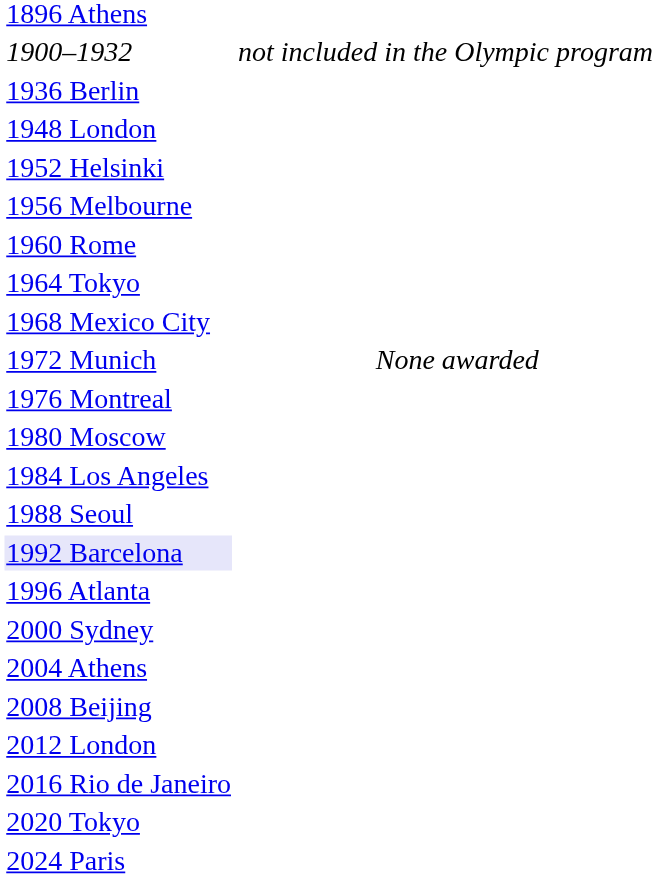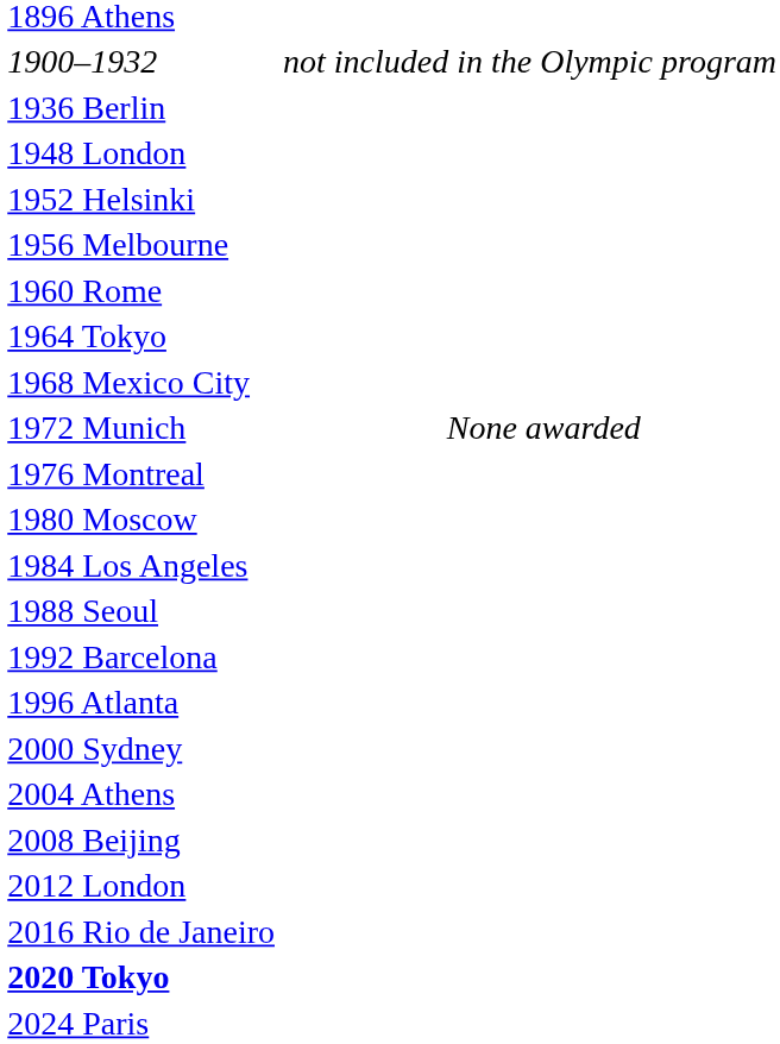 <table>
 <tr>
 <td><a href='#'>1896 Athens</a><br></td>
 <td></td>
 <td></td>
 <td></td>
 </tr>
 <tr>
 <td><em>1900–1932</em></td>
 <td colspan=3 align=center><em>not included in the Olympic program</em></td>
 </tr>
 <tr>
 <td><a href='#'>1936 Berlin</a><br></td>
 <td></td>
 <td></td>
 <td></td>
 </tr>
 <tr>
 <td><a href='#'>1948 London</a><br></td>
 <td></td>
 <td></td>
 <td></td>
 </tr>
 <tr>
 <td><a href='#'>1952 Helsinki</a><br></td>
 <td></td>
 <td></td>
 <td></td>
 </tr>
 <tr>
 <td><a href='#'>1956 Melbourne</a><br></td>
 <td></td>
 <td></td>
 <td></td>
 </tr>
 <tr>
 <td><a href='#'>1960 Rome</a><br></td>
 <td></td>
 <td></td>
 <td></td>
 </tr>
 <tr>
 <td><a href='#'>1964 Tokyo</a><br></td>
 <td></td>
 <td></td>
 <td></td>
 </tr>
 <tr>
 <td><a href='#'>1968 Mexico City</a><br></td>
 <td></td>
 <td></td>
 <td></td>
 </tr>
 <tr>
 <td><a href='#'>1972 Munich</a><br></td>
 <td></td>
 <td></td>
 <td align="center"><em>None awarded</em></td>
 </tr>
 <tr>
 <td><a href='#'>1976 Montreal</a><br></td>
 <td></td>
 <td></td>
 <td></td>
 </tr>
 <tr>
 <td><a href='#'>1980 Moscow</a><br></td>
 <td></td>
 <td></td>
 <td></td>
 </tr>
 <tr>
 <td><a href='#'>1984 Los Angeles</a><br></td>
 <td></td>
 <td></td>
 <td></td>
 </tr>
 <tr>
 <td><a href='#'>1988 Seoul</a><br></td>
 <td></td>
 <td></td>
 <td></td>
 </tr>
 <tr>
-<td style="background: lavender;"><a href='#'>1992 Barcelona</a><br></td>
+<td><a href='#'>1992 Barcelona</a><br></td>
 <td></td>
 <td></td>
 <td></td>
 </tr>
 <tr>
 <td><a href='#'>1996 Atlanta</a><br></td>
 <td></td>
 <td></td>
 <td></td>
 </tr>
 <tr>
 <td><a href='#'>2000 Sydney</a><br></td>
 <td></td>
 <td></td>
 <td></td>
 </tr>
 <tr>
 <td><a href='#'>2004 Athens</a><br></td>
 <td></td>
 <td></td>
 <td></td>
 </tr>
 <tr>
 <td><a href='#'>2008 Beijing</a><br></td>
 <td></td>
 <td></td>
 <td></td>
 </tr>
 <tr>
 <td><a href='#'>2012 London</a><br></td>
 <td></td>
 <td></td>
 <td></td>
 </tr>
 <tr>
 <td><a href='#'>2016 Rio de Janeiro</a><br></td>
 <td></td>
 <td></td>
 <td></td>
 </tr>
 <tr>
-<td><a href='#'>2020 Tokyo</a><br></td>
+<td><strong><a href='#'>2020 Tokyo</a><br></strong></td>
 <td></td>
 <td></td>
 <td></td>
 </tr>
 <tr>
 <td><a href='#'>2024 Paris</a><br></td>
 <td></td>
 <td></td>
 <td></td>
 </tr>
 <tr>
 </tr>
 </table>
